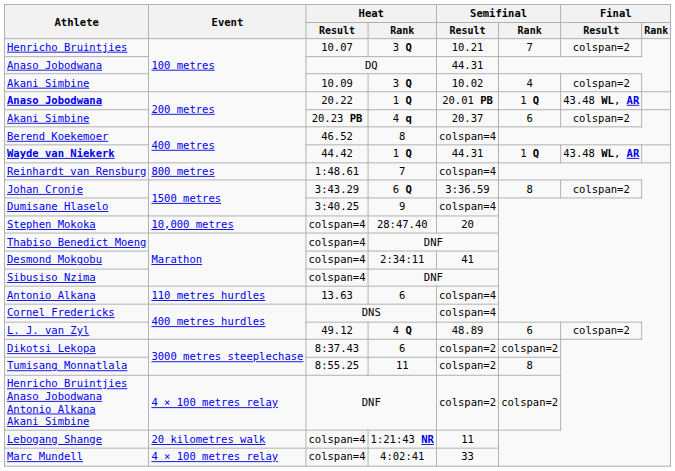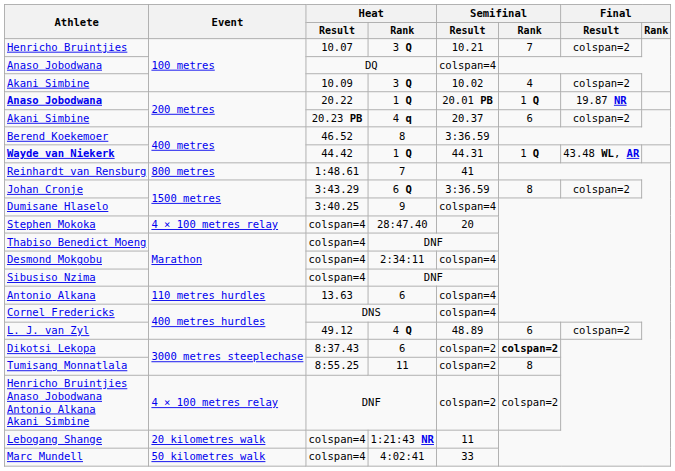 <table class="wikitable" style="font-size:90%">
 <tr>
 <th rowspan="2">Athlete</th>
 <th rowspan="2">Event</th>
 <th colspan="2">Heat</th>
 <th colspan="2">Semifinal</th>
 <th colspan="2">Final</th>
 </tr>
 <tr style="font-size:95%">
 <th>Result</th>
 <th>Rank</th>
 <th>Result</th>
 <th>Rank</th>
 <th>Result</th>
 <th>Rank</th>
 </tr>
 <tr style=text-align:center>
 <td style=text-align:left><a href='#'>Henricho Bruintjies</a></td>
 <td style=text-align:left rowspan=3><a href='#'>100 metres</a></td>
 <td>10.07</td>
 <td>3 <strong>Q</strong></td>
 <td>10.21</td>
 <td>7</td>
 <td>colspan=2 </td>
 </tr>
 <tr style=text-align:center>
 <td style=text-align:left><a href='#'>Anaso Jobodwana</a></td>
 <td colspan=2>DQ</td>
-<td>44.31</td>
+<td>colspan=4 </td>
 </tr>
 <tr style=text-align:center>
 <td style=text-align:left><a href='#'>Akani Simbine</a></td>
 <td>10.09</td>
 <td>3 <strong>Q</strong></td>
 <td>10.02</td>
 <td>4</td>
 <td>colspan=2 </td>
 </tr>
 <tr style=text-align:center>
 <td style=text-align:left><strong><a href='#'>Anaso Jobodwana</a></strong></td>
 <td style=text-align:left rowspan=2><a href='#'>200 metres</a></td>
 <td>20.22</td>
 <td>1 <strong>Q</strong></td>
 <td>20.01 <strong>PB</strong></td>
 <td>1 <strong>Q</strong></td>
-<td>43.48 <strong>WL</strong>, <strong><a href='#'>AR</a></strong></td>
+<td>19.87 <strong><a href='#'>NR</a></strong></td>
 <td></td>
 </tr>
 <tr style=text-align:center>
 <td style=text-align:left><a href='#'>Akani Simbine</a></td>
 <td>20.23 <strong>PB</strong></td>
 <td>4 <strong>q</strong></td>
 <td>20.37</td>
 <td>6</td>
 <td>colspan=2 </td>
 </tr>
 <tr style=text-align:center>
 <td style=text-align:left><a href='#'>Berend Koekemoer</a></td>
 <td style=text-align:left rowspan=2><a href='#'>400 metres</a></td>
 <td>46.52</td>
 <td>8</td>
-<td>colspan=4 </td>
+<td>3:36.59</td>
 </tr>
 <tr style=text-align:center>
 <td style=text-align:left><strong><a href='#'>Wayde van Niekerk</a></strong></td>
 <td>44.42</td>
 <td>1 <strong>Q</strong></td>
 <td>44.31</td>
 <td>1 <strong>Q</strong></td>
 <td>43.48 <strong>WL</strong>, <strong><a href='#'>AR</a></strong></td>
 <td></td>
 </tr>
 <tr style=text-align:center>
 <td style=text-align:left><a href='#'>Reinhardt van Rensburg</a></td>
 <td style=text-align:left><a href='#'>800 metres</a></td>
 <td>1:48.61</td>
 <td>7</td>
-<td>colspan=4 </td>
+<td>41</td>
 </tr>
 <tr style=text-align:center>
 <td style=text-align:left><a href='#'>Johan Cronje</a></td>
 <td style=text-align:left rowspan=2><a href='#'>1500 metres</a></td>
 <td>3:43.29</td>
 <td>6 <strong>Q</strong></td>
 <td>3:36.59</td>
 <td>8</td>
 <td>colspan=2 </td>
 </tr>
 <tr style=text-align:center>
 <td style=text-align:left><a href='#'>Dumisane Hlaselo</a></td>
 <td>3:40.25</td>
 <td>9</td>
 <td>colspan=4 </td>
 </tr>
 <tr style=text-align:center>
 <td style=text-align:left><a href='#'>Stephen Mokoka</a></td>
-<td style=text-align:left><a href='#'>10,000 metres</a></td>
+<td style=text-align:left><a href='#'>4 × 100 metres relay</a></td>
 <td>colspan=4 </td>
 <td>28:47.40</td>
 <td>20</td>
 </tr>
 <tr style=text-align:center>
 <td style=text-align:left><a href='#'>Thabiso Benedict Moeng</a></td>
 <td style=text-align:left rowspan=3><a href='#'>Marathon</a></td>
 <td>colspan=4 </td>
 <td colspan=2>DNF</td>
 </tr>
 <tr style=text-align:center>
 <td style=text-align:left><a href='#'>Desmond Mokgobu</a></td>
 <td>colspan=4 </td>
 <td>2:34:11</td>
-<td>41</td>
+<td>colspan=4 </td>
 </tr>
 <tr style=text-align:center>
 <td style=text-align:left><a href='#'>Sibusiso Nzima</a></td>
 <td>colspan=4 </td>
 <td colspan=2>DNF</td>
 </tr>
 <tr style=text-align:center>
 <td style=text-align:left><a href='#'>Antonio Alkana</a></td>
 <td style=text-align:left><a href='#'>110 metres hurdles</a></td>
 <td>13.63</td>
 <td>6</td>
 <td>colspan=4 </td>
 </tr>
 <tr style=text-align:center>
 <td style=text-align:left><a href='#'>Cornel Fredericks</a></td>
 <td style=text-align:left rowspan=2><a href='#'>400 metres hurdles</a></td>
 <td colspan=2>DNS</td>
 <td>colspan=4 </td>
 </tr>
 <tr style=text-align:center>
 <td style=text-align:left><a href='#'>L. J. van Zyl</a></td>
 <td>49.12</td>
 <td>4 <strong>Q</strong></td>
 <td>48.89</td>
 <td>6</td>
 <td>colspan=2 </td>
 </tr>
 <tr style=text-align:center>
 <td style=text-align:left><a href='#'>Dikotsi Lekopa</a></td>
 <td style=text-align:left rowspan=2><a href='#'>3000 metres steeplechase</a></td>
 <td>8:37.43</td>
 <td>6</td>
 <td>colspan=2 </td>
-<td>colspan=2 </td>
+<td><strong>colspan=2 </strong></td>
 </tr>
 <tr style=text-align:center>
 <td style=text-align:left><a href='#'>Tumisang Monnatlala</a></td>
 <td>8:55.25</td>
 <td>11</td>
 <td>colspan=2 </td>
 <td>8</td>
 </tr>
 <tr style=text-align:center>
 <td style=text-align:left><a href='#'>Henricho Bruintjies</a><br><a href='#'>Anaso Jobodwana</a><br><a href='#'>Antonio Alkana</a><br><a href='#'>Akani Simbine</a></td>
 <td style=text-align:left><a href='#'>4 × 100 metres relay</a></td>
 <td colspan=2>DNF</td>
 <td>colspan=2 </td>
 <td>colspan=2 </td>
 </tr>
 <tr style=text-align:center>
 <td style=text-align:left><a href='#'>Lebogang Shange</a></td>
 <td style=text-align:left><a href='#'>20 kilometres walk</a></td>
 <td>colspan=4 </td>
 <td>1:21:43 <strong><a href='#'>NR</a></strong></td>
 <td>11</td>
 </tr>
 <tr style=text-align:center>
 <td style=text-align:left><a href='#'>Marc Mundell</a></td>
-<td style=text-align:left><a href='#'>4 × 100 metres relay</a></td>
+<td style=text-align:left><a href='#'>50 kilometres walk</a></td>
 <td>colspan=4 </td>
 <td>4:02:41</td>
 <td>33</td>
 </tr>
 </table>
